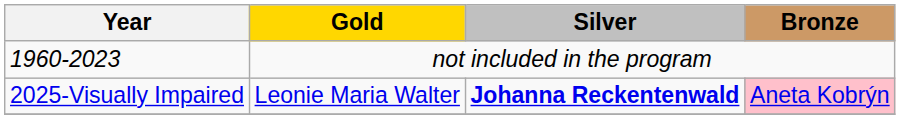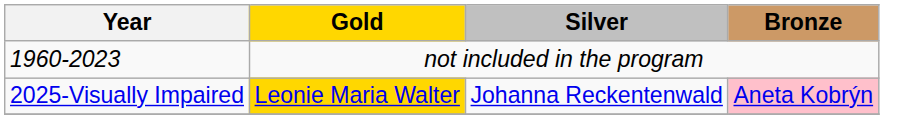 <table class="wikitable">
 <tr>
 <th>Year</th>
 <td align=center bgcolor=gold><strong>Gold</strong></td>
 <td align=center bgcolor=silver><strong>Silver</strong></td>
 <td align=center bgcolor=cc9966><strong>Bronze</strong></td>
 </tr>
 <tr>
 <td><em>1960-2023</em></td>
 <td colspan=3 align=center><em>not included in the program</em></td>
 </tr>
 <tr>
 <td><a href='#'>2025-Visually Impaired</a></td>
-<td> <a href='#'>Leonie Maria Walter</a></td>
-<td><strong> <a href='#'>Johanna Reckentenwald</a></strong></td>
+<td style="background: gold;"> <a href='#'>Leonie Maria Walter</a></td>
+<td> <a href='#'>Johanna Reckentenwald</a></td>
 <td style="background: pink;"> <a href='#'>Aneta Kobrýn</a></td>
 </tr>
 <tr>
 </tr>
 </table>
